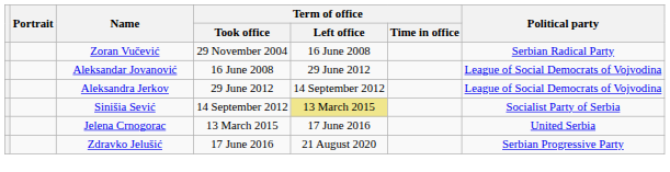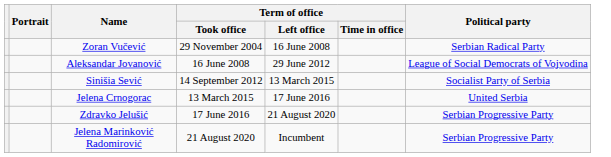 <table class="wikitable" style="text-align:center;">
 <tr>
 <th rowspan=2></th>
 <th rowspan=2>Portrait</th>
 <th rowspan=2 width=180>Name<br></th>
 <th colspan=3>Term of office</th>
 <th rowspan=2>Political party</th>
 </tr>
 <tr>
 <th>Took office</th>
 <th>Left office</th>
 <th>Time in office</th>
 </tr>
 <tr>
 <th style="background:"></th>
 <td></td>
 <td><a href='#'>Zoran Vučević</a></td>
 <td>29 November 2004</td>
 <td>16 June 2008</td>
 <td></td>
 <td><a href='#'>Serbian Radical Party</a></td>
 </tr>
 <tr>
 <th style="background:"></th>
 <td></td>
 <td><a href='#'>Aleksandar Jovanović</a><br></td>
 <td>16 June 2008</td>
 <td>29 June 2012</td>
 <td></td>
 <td><a href='#'>League of Social Democrats of Vojvodina</a></td>
 </tr>
 <tr>
 <th style="background:"></th>
 <td></td>
-<td><a href='#'>Aleksandra Jerkov</a><br></td>
-<td>29 June 2012</td>
-<td>14 September 2012</td>
-<td></td>
-<td><a href='#'>League of Social Democrats of Vojvodina</a></td>
-</tr>
-<tr>
-<th style="background:"></th>
-<td></td>
 <td><a href='#'>Sinišia Sević</a><br></td>
 <td>14 September 2012</td>
-<td style="background: khaki;">13 March 2015</td>
+<td>13 March 2015</td>
 <td></td>
 <td><a href='#'>Socialist Party of Serbia</a></td>
 </tr>
 <tr>
 <th style="background:"></th>
 <td></td>
 <td><a href='#'>Jelena Crnogorac</a><br></td>
 <td>13 March 2015</td>
 <td>17 June 2016</td>
 <td></td>
 <td><a href='#'>United Serbia</a></td>
 </tr>
 <tr>
 <th style="background:"></th>
 <td></td>
 <td><a href='#'>Zdravko Jelušić</a><br></td>
 <td>17 June 2016</td>
 <td>21 August 2020</td>
 <td></td>
 <td><a href='#'>Serbian Progressive Party</a></td>
 </tr>
+<tr>
+<th style="background:"></th>
+<td></td>
+<td><a href='#'>Jelena Marinković Radomirović</a><br></td>
+<td>21 August 2020</td>
+<td>Incumbent</td>
+<td></td>
+<td><a href='#'>Serbian Progressive Party</a></td>
+</tr>
 </table>
